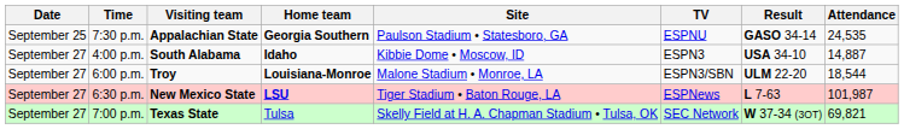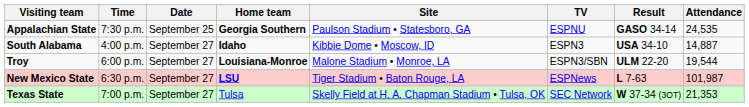 <table class="wikitable" style="font-size:95%;">
 <tr>
+<th>Visiting team</th>
+<th>Time</th>
 <th>Date</th>
-<th>Time</th>
-<th>Visiting team</th>
 <th>Home team</th>
 <th>Site</th>
 <th>TV</th>
 <th>Result</th>
 <th>Attendance</th>
 </tr>
 <tr style="background:">
+<td><strong>Appalachian State</strong></td>
+<td>7:30 p.m.</td>
 <td>September 25</td>
-<td>7:30 p.m.</td>
-<td><strong>Appalachian State</strong></td>
 <td><strong>Georgia Southern</strong></td>
 <td><a href='#'>Paulson Stadium</a> • <a href='#'>Statesboro, GA</a></td>
 <td><a href='#'>ESPNU</a></td>
 <td><strong>GASO</strong> 34-14</td>
 <td>24,535</td>
 </tr>
 <tr style="background:">
+<td><strong>South Alabama</strong></td>
+<td>4:00 p.m.</td>
 <td>September 27</td>
-<td>4:00 p.m.</td>
-<td><strong>South Alabama</strong></td>
 <td><strong>Idaho</strong></td>
 <td><a href='#'>Kibbie Dome</a> • <a href='#'>Moscow, ID</a></td>
 <td>ESPN3</td>
 <td><strong>USA</strong> 34-10</td>
 <td>14,887</td>
 </tr>
 <tr style="background:">
+<td><strong>Troy</strong></td>
+<td>6:00 p.m.</td>
 <td>September 27</td>
-<td>6:00 p.m.</td>
-<td><strong>Troy</strong></td>
 <td><strong>Louisiana-Monroe</strong></td>
 <td><a href='#'>Malone Stadium</a> • <a href='#'>Monroe, LA</a></td>
 <td>ESPN3/SBN</td>
 <td><strong>ULM</strong> 22-20</td>
-<td>18,544</td>
+<td>19,544</td>
 </tr>
 <tr style="background:#fcc">
+<td><strong>New Mexico State</strong></td>
+<td>6:30 p.m.</td>
 <td>September 27</td>
-<td>6:30 p.m.</td>
-<td><strong>New Mexico State</strong></td>
 <td><strong><a href='#'>LSU</a></strong></td>
 <td><a href='#'>Tiger Stadium</a> • <a href='#'>Baton Rouge, LA</a></td>
 <td><a href='#'>ESPNews</a></td>
 <td><strong>L</strong> 7-63</td>
 <td>101,987</td>
 </tr>
 <tr style="background:#cfc">
+<td><strong>Texas State</strong></td>
+<td>7:00 p.m.</td>
 <td>September 27</td>
-<td>7:00 p.m.</td>
-<td><strong>Texas State</strong></td>
 <td><a href='#'>Tulsa</a></td>
 <td><a href='#'>Skelly Field at H. A. Chapman Stadium</a> • <a href='#'>Tulsa, OK</a></td>
 <td><a href='#'>SEC Network</a></td>
 <td><strong>W</strong> 37-34 <small>(3OT)</small></td>
-<td>69,821</td>
+<td>21,353</td>
 </tr>
 </table>
